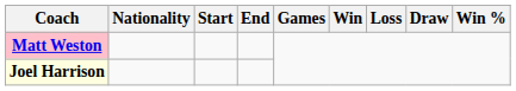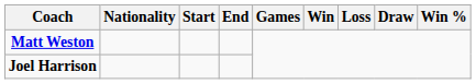 <table class="wikitable sortable" style="text-align:center; margin-left: lem; font-size:90%;">
 <tr>
 <th>Coach</th>
 <th>Nationality</th>
 <th>Start</th>
 <th>End</th>
 <th>Games</th>
 <th><strong>Win</strong></th>
 <th>Loss</th>
 <th>Draw</th>
 <th>Win %</th>
 </tr>
 <tr>
-<td style="background: pink;"><strong><a href='#'>Matt Weston</a></strong></td>
+<td><strong><a href='#'>Matt Weston</a></strong></td>
 <td></td>
 <td></td>
 <td><br></td>
 </tr>
 <tr>
-<td style="background: lightyellow;"><strong>Joel Harrison</strong></td>
+<td><strong>Joel Harrison</strong></td>
 <td></td>
 <td></td>
 <td><br></td>
 </tr>
 </table>
